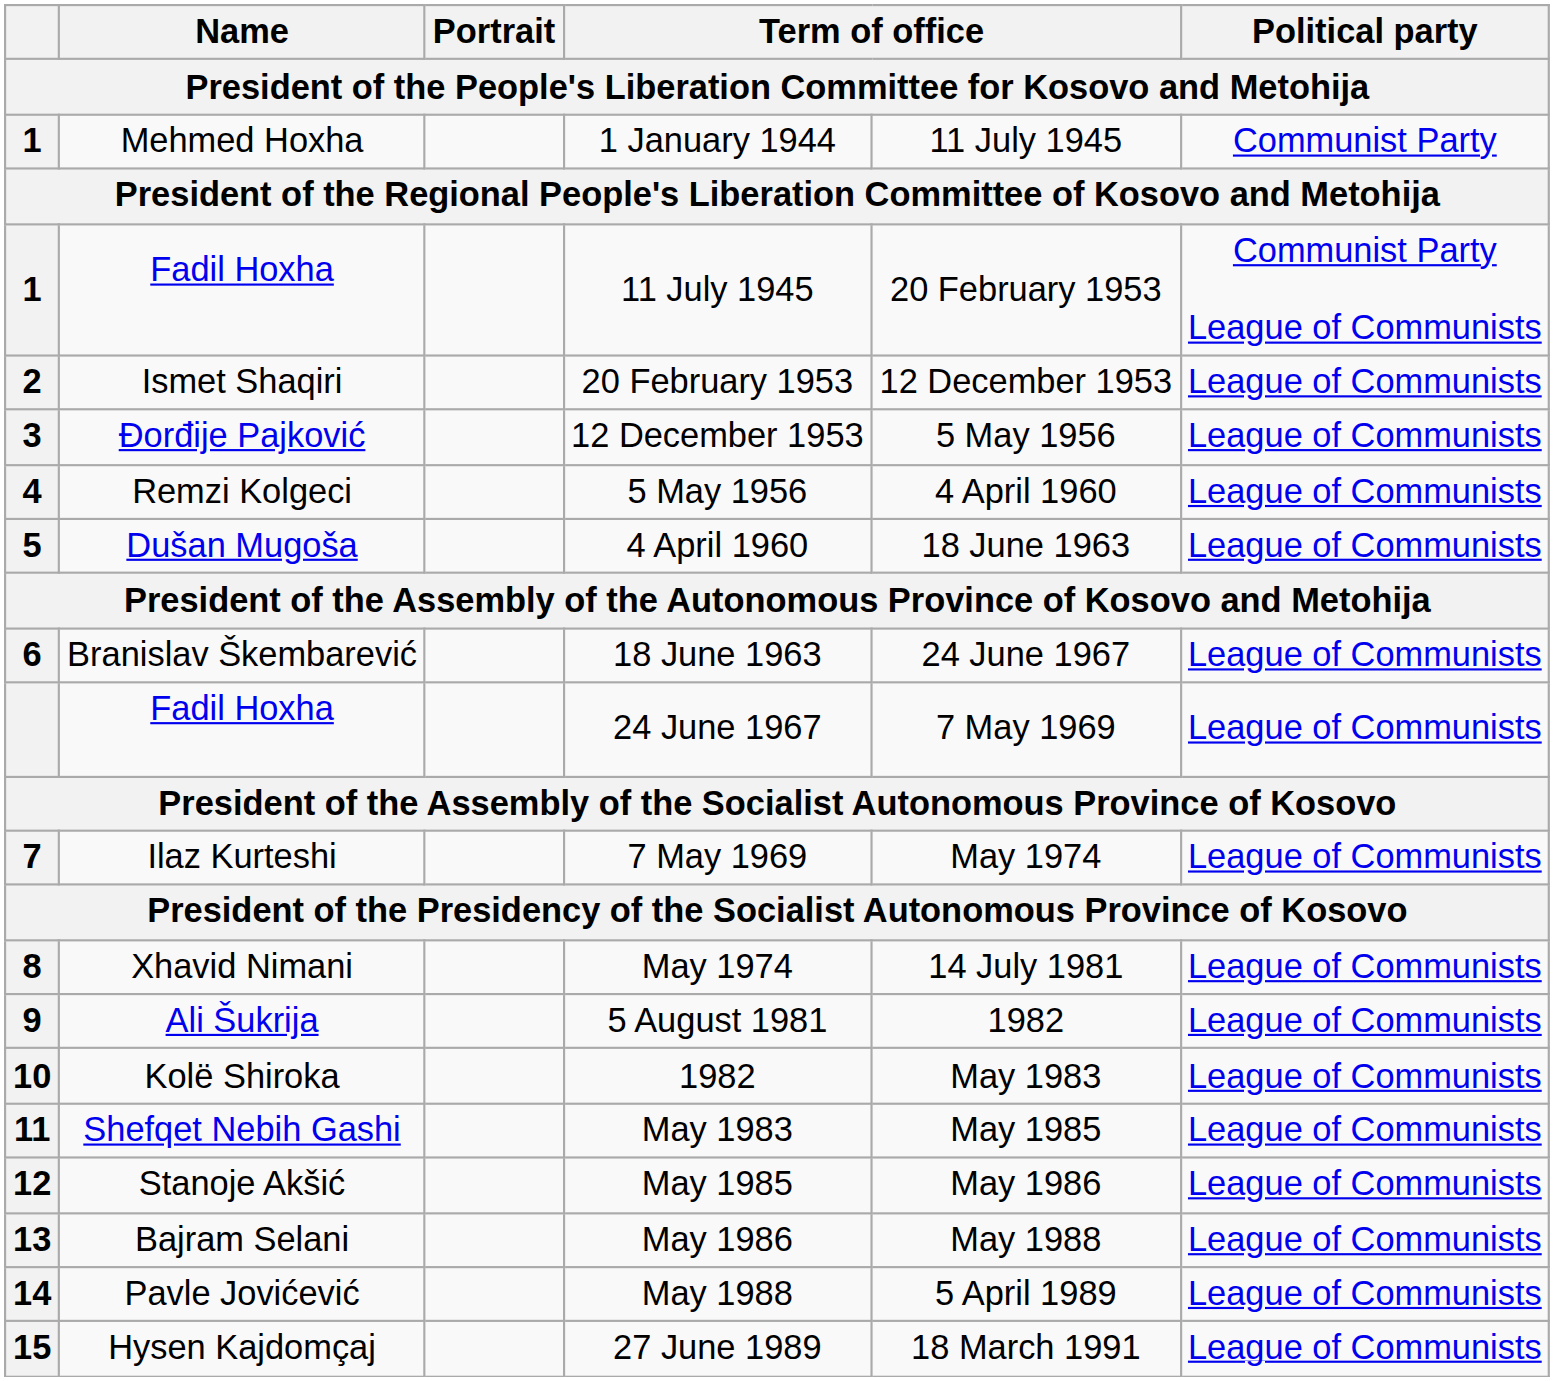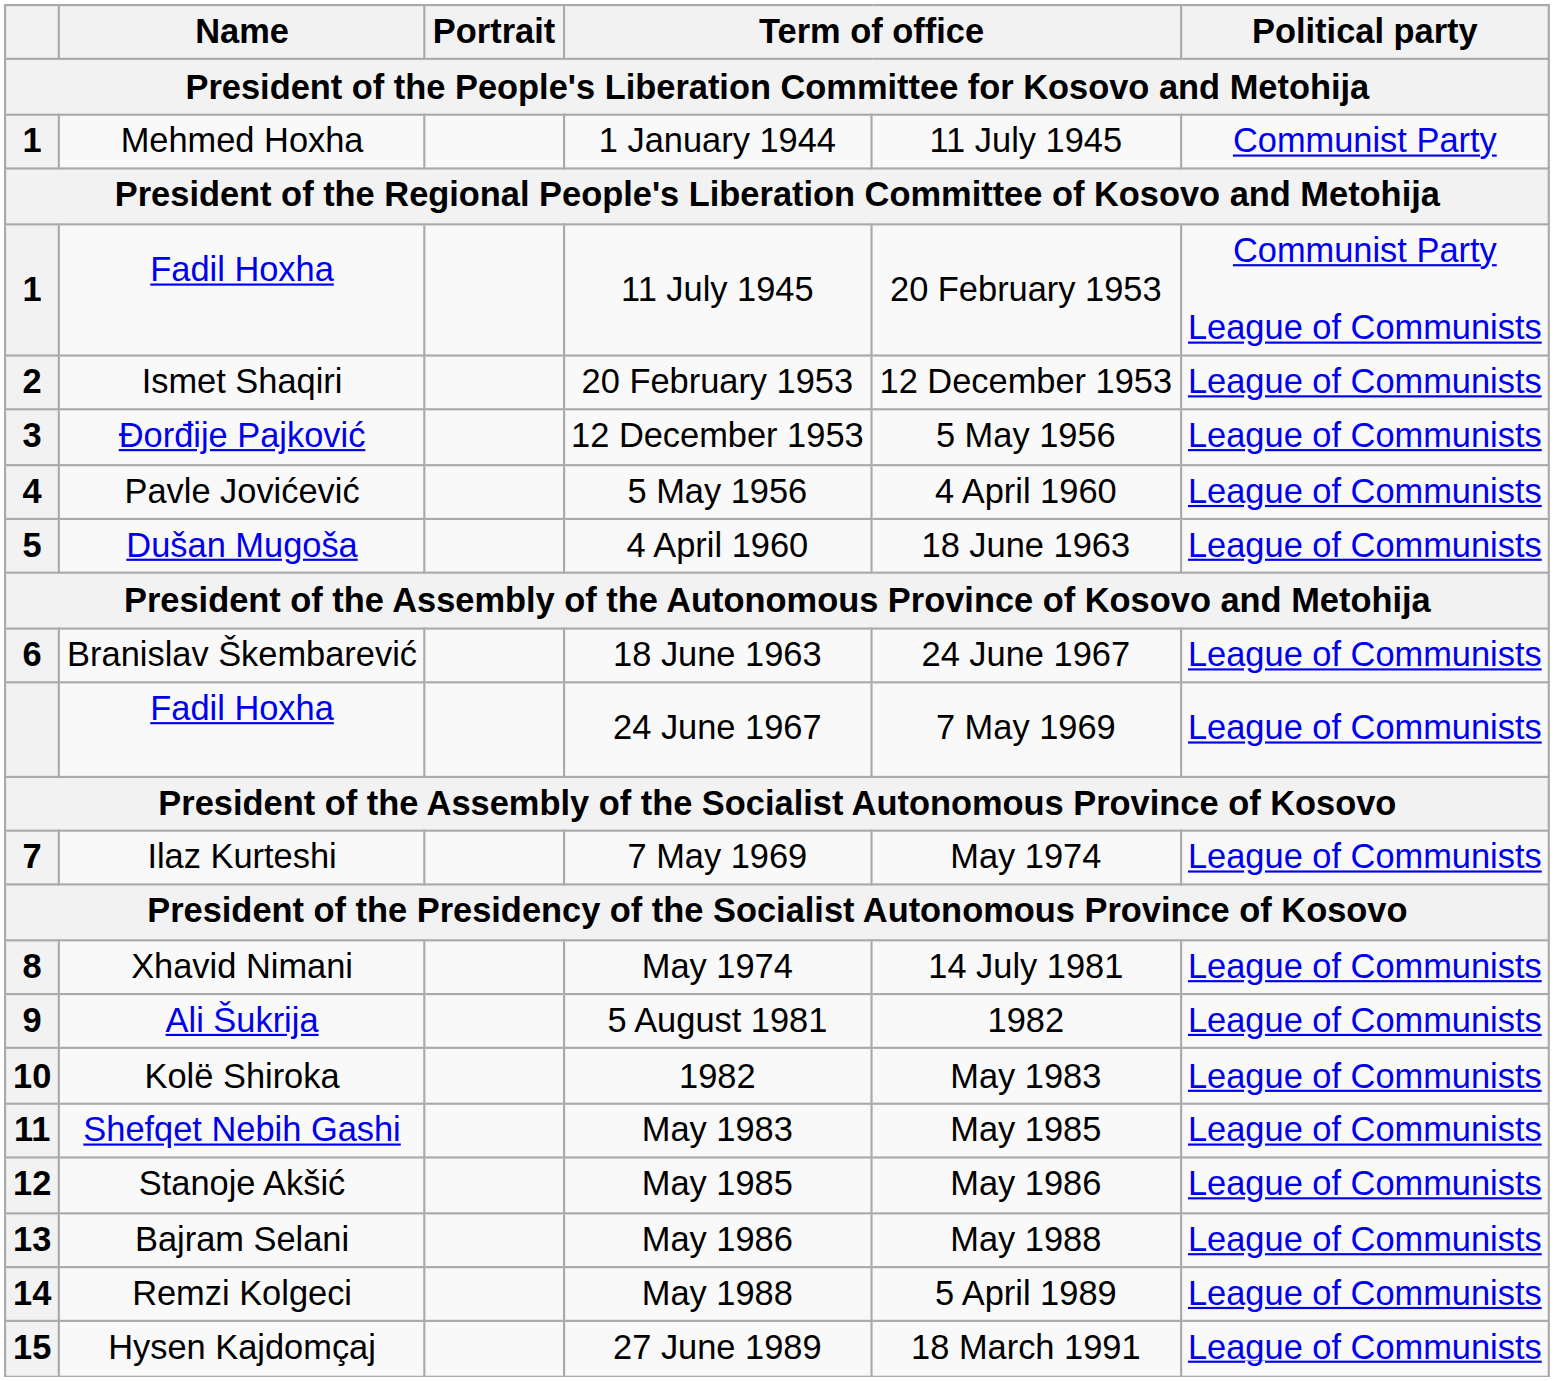 <table class="wikitable" style="text-align:center">
 <tr>
 <th></th>
 <th>Name<br></th>
 <th>Portrait</th>
 <th colspan="2">Term of office</th>
 <th>Political party</th>
 </tr>
 <tr>
 <th colspan="6">President of the People's Liberation Committee for Kosovo and Metohija<br></th>
 </tr>
 <tr>
 <th style="background:">1</th>
 <td>Mehmed Hoxha<br></td>
 <td></td>
 <td>1 January 1944</td>
 <td>11 July 1945</td>
 <td><a href='#'>Communist Party</a></td>
 </tr>
 <tr>
 <th colspan="6">President of the Regional People's Liberation Committee of Kosovo and Metohija<br></th>
 </tr>
 <tr>
 <th style="background:">1</th>
 <td><a href='#'>Fadil Hoxha</a><br><br></td>
 <td></td>
 <td>11 July 1945</td>
 <td>20 February 1953</td>
 <td><a href='#'>Communist Party<br><br>League of Communists</a></td>
 </tr>
 <tr>
 <th style="background:">2</th>
 <td>Ismet Shaqiri<br></td>
 <td></td>
 <td>20 February 1953</td>
 <td>12 December 1953</td>
 <td><a href='#'>League of Communists</a></td>
 </tr>
 <tr>
 <th style="background:">3</th>
 <td><a href='#'>Đorđije Pajković</a><br></td>
 <td></td>
 <td>12 December 1953</td>
 <td>5 May 1956</td>
 <td><a href='#'>League of Communists</a></td>
 </tr>
 <tr>
 <th style="background:">4</th>
-<td>Remzi Kolgeci<br></td>
+<td>Pavle Jovićević<br></td>
 <td></td>
 <td>5 May 1956</td>
 <td>4 April 1960</td>
 <td><a href='#'>League of Communists</a></td>
 </tr>
 <tr>
 <th style="background:">5</th>
 <td><a href='#'>Dušan Mugoša</a><br></td>
 <td></td>
 <td>4 April 1960</td>
 <td>18 June 1963</td>
 <td><a href='#'>League of Communists</a></td>
 </tr>
 <tr>
 <th colspan="6">President of the Assembly of the Autonomous Province of Kosovo and Metohija<br></th>
 </tr>
 <tr>
 <th style="background:">6</th>
 <td>Branislav Škembarević<br></td>
 <td></td>
 <td>18 June 1963</td>
 <td>24 June 1967</td>
 <td><a href='#'>League of Communists</a></td>
 </tr>
 <tr>
 <th style="background:"></th>
 <td><a href='#'>Fadil Hoxha</a><br><br></td>
 <td></td>
 <td>24 June 1967</td>
 <td>7 May 1969</td>
 <td><a href='#'>League of Communists</a></td>
 </tr>
 <tr>
 <th colspan="6">President of the Assembly of the Socialist Autonomous Province of Kosovo<br></th>
 </tr>
 <tr>
 <th style="background:">7</th>
 <td>Ilaz Kurteshi<br></td>
 <td></td>
 <td>7 May 1969</td>
 <td>May 1974</td>
 <td><a href='#'>League of Communists</a></td>
 </tr>
 <tr>
 <th colspan="6">President of the Presidency of the Socialist Autonomous Province of Kosovo<br></th>
 </tr>
 <tr>
 <th style="background:">8</th>
 <td>Xhavid Nimani<br></td>
 <td></td>
 <td>May 1974</td>
 <td>14 July 1981</td>
 <td><a href='#'>League of Communists</a></td>
 </tr>
 <tr>
 <th style="background:">9</th>
 <td><a href='#'>Ali Šukrija</a><br></td>
 <td></td>
 <td>5 August 1981</td>
 <td>1982</td>
 <td><a href='#'>League of Communists</a></td>
 </tr>
 <tr>
 <th style="background:">10</th>
 <td>Kolë Shiroka<br></td>
 <td></td>
 <td>1982</td>
 <td>May 1983</td>
 <td><a href='#'>League of Communists</a></td>
 </tr>
 <tr>
 <th style="background:">11</th>
 <td><a href='#'>Shefqet Nebih Gashi</a><br></td>
 <td></td>
 <td>May 1983</td>
 <td>May 1985</td>
 <td><a href='#'>League of Communists</a></td>
 </tr>
 <tr>
 <th style="background:">12</th>
 <td>Stanoje Akšić<br></td>
 <td></td>
 <td>May 1985</td>
 <td>May 1986</td>
 <td><a href='#'>League of Communists</a></td>
 </tr>
 <tr>
 <th style="background:">13</th>
 <td>Bajram Selani<br></td>
 <td></td>
 <td>May 1986</td>
 <td>May 1988</td>
 <td><a href='#'>League of Communists</a></td>
 </tr>
 <tr>
 <th style="background:">14</th>
-<td>Pavle Jovićević<br></td>
+<td>Remzi Kolgeci<br></td>
 <td></td>
 <td>May 1988</td>
 <td>5 April 1989</td>
 <td><a href='#'>League of Communists</a></td>
 </tr>
 <tr>
 <th style="background:">15</th>
 <td>Hysen Kajdomçaj<br></td>
 <td></td>
 <td>27 June 1989</td>
 <td>18 March 1991</td>
 <td><a href='#'>League of Communists</a></td>
 </tr>
 </table>
